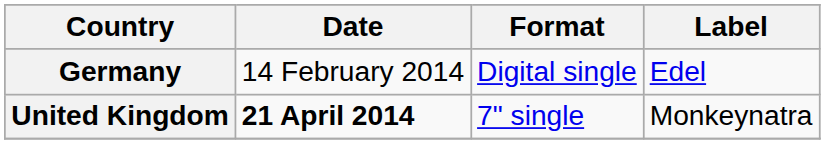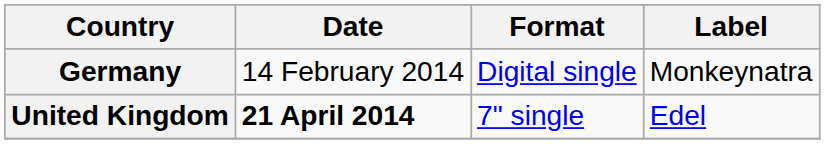 <table class="wikitable plainrowheaders">
 <tr>
 <th scope="col">Country</th>
 <th scope="col">Date</th>
 <th scope="col">Format</th>
 <th scope="col">Label</th>
 </tr>
 <tr>
 <th scope="row">Germany</th>
 <td>14 February 2014</td>
 <td><a href='#'>Digital single</a></td>
-<td><a href='#'>Edel</a></td>
+<td>Monkeynatra</td>
 </tr>
 <tr>
 <th scope="row">United Kingdom</th>
 <td><strong>21 April 2014</strong></td>
 <td><a href='#'>7" single</a></td>
-<td>Monkeynatra</td>
+<td><a href='#'>Edel</a></td>
 </tr>
 <tr>
 </tr>
 </table>
